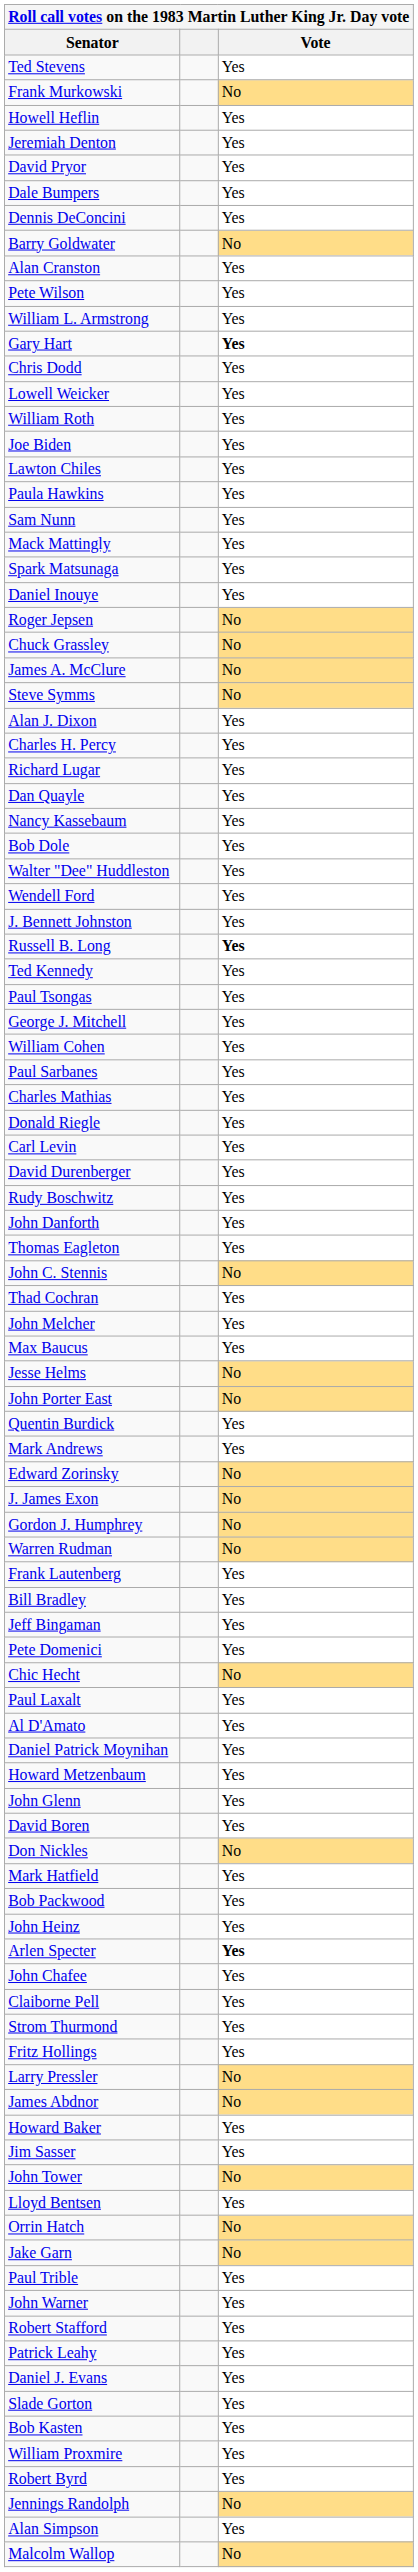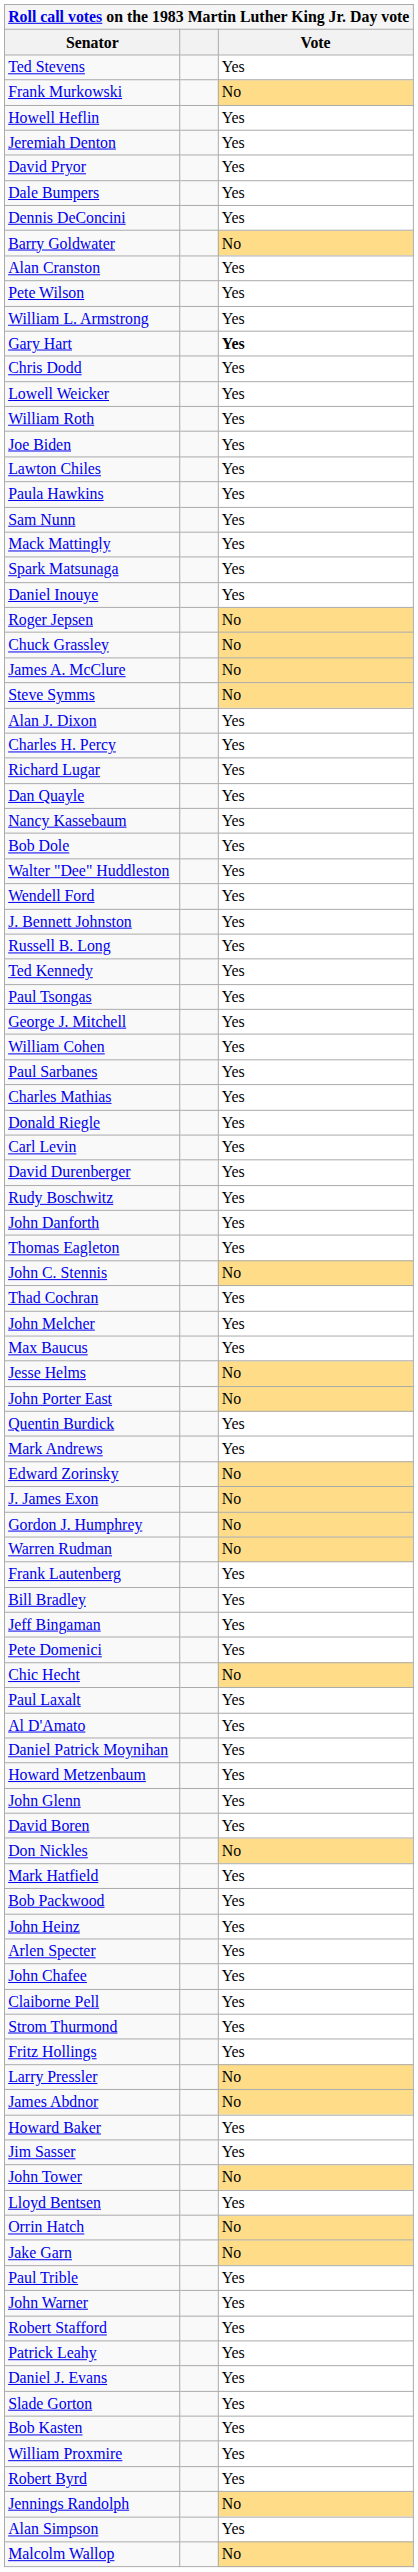 <table class="wikitable sortable">
 <tr>
 <th colspan=4 style="background:#f5f5f5"><a href='#'>Roll call votes</a> on the 1983 Martin Luther King Jr. Day vote</th>
 </tr>
 <tr>
 <th scope="col" style="width: 170px;">Senator</th>
 <th></th>
 <th>Vote</th>
 </tr>
 <tr>
 <td><a href='#'>Ted Stevens</a></td>
 <td></td>
 <td style="background:#fff;">Yes</td>
 </tr>
 <tr>
 <td><a href='#'>Frank Murkowski</a></td>
 <td></td>
 <td style="background:#ffdd88;">No</td>
 </tr>
 <tr>
 <td><a href='#'>Howell Heflin</a></td>
 <td></td>
 <td style="background:#fff;">Yes</td>
 </tr>
 <tr>
 <td><a href='#'>Jeremiah Denton</a></td>
 <td></td>
 <td style="background:#fff;">Yes</td>
 </tr>
 <tr>
 <td><a href='#'>David Pryor</a></td>
 <td></td>
 <td style="background:#fff;">Yes</td>
 </tr>
 <tr>
 <td><a href='#'>Dale Bumpers</a></td>
 <td></td>
 <td style="background:#fff;">Yes</td>
 </tr>
 <tr>
 <td><a href='#'>Dennis DeConcini</a></td>
 <td></td>
 <td style="background:#fff;">Yes</td>
 </tr>
 <tr>
 <td><a href='#'>Barry Goldwater</a></td>
 <td></td>
 <td style="background:#ffdd88;">No</td>
 </tr>
 <tr>
 <td><a href='#'>Alan Cranston</a></td>
 <td></td>
 <td style="background:#fff;">Yes</td>
 </tr>
 <tr>
 <td><a href='#'>Pete Wilson</a></td>
 <td></td>
 <td style="background:#fff;">Yes</td>
 </tr>
 <tr>
 <td><a href='#'>William L. Armstrong</a></td>
 <td></td>
 <td style="background:#fff;">Yes</td>
 </tr>
 <tr>
 <td><a href='#'>Gary Hart</a></td>
 <td></td>
 <td style="background:#fff;"><strong>Yes</strong></td>
 </tr>
 <tr>
 <td><a href='#'>Chris Dodd</a></td>
 <td></td>
 <td style="background:#fff;">Yes</td>
 </tr>
 <tr>
 <td><a href='#'>Lowell Weicker</a></td>
 <td></td>
 <td style="background:#fff;">Yes</td>
 </tr>
 <tr>
 <td><a href='#'>William Roth</a></td>
 <td></td>
 <td style="background:#fff;">Yes</td>
 </tr>
 <tr>
 <td><a href='#'>Joe Biden</a></td>
 <td></td>
 <td style="background:#fff;">Yes</td>
 </tr>
 <tr>
 <td><a href='#'>Lawton Chiles</a></td>
 <td></td>
 <td style="background:#fff;">Yes</td>
 </tr>
 <tr>
 <td><a href='#'>Paula Hawkins</a></td>
 <td></td>
 <td style="background:#fff;">Yes</td>
 </tr>
 <tr>
 <td><a href='#'>Sam Nunn</a></td>
 <td></td>
 <td style="background:#fff;">Yes</td>
 </tr>
 <tr>
 <td><a href='#'>Mack Mattingly</a></td>
 <td></td>
 <td style="background:#fff;">Yes</td>
 </tr>
 <tr>
 <td><a href='#'>Spark Matsunaga</a></td>
 <td></td>
 <td style="background:#fff;">Yes</td>
 </tr>
 <tr>
 <td><a href='#'>Daniel Inouye</a></td>
 <td></td>
 <td style="background:#fff;">Yes</td>
 </tr>
 <tr>
 <td><a href='#'>Roger Jepsen</a></td>
 <td></td>
 <td style="background:#ffdd88;">No</td>
 </tr>
 <tr>
 <td><a href='#'>Chuck Grassley</a></td>
 <td></td>
 <td style="background:#ffdd88;">No</td>
 </tr>
 <tr>
 <td><a href='#'>James A. McClure</a></td>
 <td></td>
 <td style="background:#ffdd88;">No</td>
 </tr>
 <tr>
 <td><a href='#'>Steve Symms</a></td>
 <td></td>
 <td style="background:#ffdd88;">No</td>
 </tr>
 <tr>
 <td><a href='#'>Alan J. Dixon</a></td>
 <td></td>
 <td style="background:#fff;">Yes</td>
 </tr>
 <tr>
 <td><a href='#'>Charles H. Percy</a></td>
 <td></td>
 <td style="background:#fff;">Yes</td>
 </tr>
 <tr>
 <td><a href='#'>Richard Lugar</a></td>
 <td></td>
 <td style="background:#fff;">Yes</td>
 </tr>
 <tr>
 <td><a href='#'>Dan Quayle</a></td>
 <td></td>
 <td style="background:#fff;">Yes</td>
 </tr>
 <tr>
 <td><a href='#'>Nancy Kassebaum</a></td>
 <td></td>
 <td style="background:#fff;">Yes</td>
 </tr>
 <tr>
 <td><a href='#'>Bob Dole</a></td>
 <td></td>
 <td style="background:#fff;">Yes</td>
 </tr>
 <tr>
 <td><a href='#'>Walter "Dee" Huddleston</a></td>
 <td></td>
 <td style="background:#fff;">Yes</td>
 </tr>
 <tr>
 <td><a href='#'>Wendell Ford</a></td>
 <td></td>
 <td style="background:#fff;">Yes</td>
 </tr>
 <tr>
 <td><a href='#'>J. Bennett Johnston</a></td>
 <td></td>
 <td style="background:#fff;">Yes</td>
 </tr>
 <tr>
 <td><a href='#'>Russell B. Long</a></td>
 <td></td>
-<td style="background:#fff;"><strong>Yes</strong></td>
+<td style="background:#fff;">Yes</td>
 </tr>
 <tr>
 <td><a href='#'>Ted Kennedy</a></td>
 <td></td>
 <td style="background:#fff;">Yes</td>
 </tr>
 <tr>
 <td><a href='#'>Paul Tsongas</a></td>
 <td></td>
 <td style="background:#fff;">Yes</td>
 </tr>
 <tr>
 <td><a href='#'>George J. Mitchell</a></td>
 <td></td>
 <td style="background:#fff;">Yes</td>
 </tr>
 <tr>
 <td><a href='#'>William Cohen</a></td>
 <td></td>
 <td style="background:#fff;">Yes</td>
 </tr>
 <tr>
 <td><a href='#'>Paul Sarbanes</a></td>
 <td></td>
 <td style="background:#fff;">Yes</td>
 </tr>
 <tr>
 <td><a href='#'>Charles Mathias</a></td>
 <td></td>
 <td style="background:#fff;">Yes</td>
 </tr>
 <tr>
 <td><a href='#'>Donald Riegle</a></td>
 <td></td>
 <td style="background:#fff;">Yes</td>
 </tr>
 <tr>
 <td><a href='#'>Carl Levin</a></td>
 <td></td>
 <td style="background:#fff;">Yes</td>
 </tr>
 <tr>
 <td><a href='#'>David Durenberger</a></td>
 <td></td>
 <td style="background:#fff;">Yes</td>
 </tr>
 <tr>
 <td><a href='#'>Rudy Boschwitz</a></td>
 <td></td>
 <td style="background:#fff;">Yes</td>
 </tr>
 <tr>
 <td><a href='#'>John Danforth</a></td>
 <td></td>
 <td style="background:#fff;">Yes</td>
 </tr>
 <tr>
 <td><a href='#'>Thomas Eagleton</a></td>
 <td></td>
 <td style="background:#fff;">Yes</td>
 </tr>
 <tr>
 <td><a href='#'>John C. Stennis</a></td>
 <td></td>
 <td style="background:#ffdd88;">No</td>
 </tr>
 <tr>
 <td><a href='#'>Thad Cochran</a></td>
 <td></td>
 <td style="background:#fff;">Yes</td>
 </tr>
 <tr>
 <td><a href='#'>John Melcher</a></td>
 <td></td>
 <td style="background:#fff;">Yes</td>
 </tr>
 <tr>
 <td><a href='#'>Max Baucus</a></td>
 <td></td>
 <td style="background:#fff;">Yes</td>
 </tr>
 <tr>
 <td><a href='#'>Jesse Helms</a></td>
 <td></td>
 <td style="background:#ffdd88;">No</td>
 </tr>
 <tr>
 <td><a href='#'>John Porter East</a></td>
 <td></td>
 <td style="background:#ffdd88;">No</td>
 </tr>
 <tr>
 <td><a href='#'>Quentin Burdick</a></td>
 <td></td>
 <td style="background:#fff;">Yes</td>
 </tr>
 <tr>
 <td><a href='#'>Mark Andrews</a></td>
 <td></td>
 <td style="background:#fff;">Yes</td>
 </tr>
 <tr>
 <td><a href='#'>Edward Zorinsky</a></td>
 <td></td>
 <td style="background:#ffdd88;">No</td>
 </tr>
 <tr>
 <td><a href='#'>J. James Exon</a></td>
 <td></td>
 <td style="background:#ffdd88;">No</td>
 </tr>
 <tr>
 <td><a href='#'>Gordon J. Humphrey</a></td>
 <td></td>
 <td style="background:#ffdd88;">No</td>
 </tr>
 <tr>
 <td><a href='#'>Warren Rudman</a></td>
 <td></td>
 <td style="background:#ffdd88;">No</td>
 </tr>
 <tr>
 <td><a href='#'>Frank Lautenberg</a></td>
 <td></td>
 <td style="background:#fff;">Yes</td>
 </tr>
 <tr>
 <td><a href='#'>Bill Bradley</a></td>
 <td></td>
 <td style="background:#fff;">Yes</td>
 </tr>
 <tr>
 <td><a href='#'>Jeff Bingaman</a></td>
 <td></td>
 <td style="background:#fff;">Yes</td>
 </tr>
 <tr>
 <td><a href='#'>Pete Domenici</a></td>
 <td></td>
 <td style="background:#fff;">Yes</td>
 </tr>
 <tr>
 <td><a href='#'>Chic Hecht</a></td>
 <td></td>
 <td style="background:#ffdd88;">No</td>
 </tr>
 <tr>
 <td><a href='#'>Paul Laxalt</a></td>
 <td></td>
 <td style="background:#fff;">Yes</td>
 </tr>
 <tr>
 <td><a href='#'>Al D'Amato</a></td>
 <td></td>
 <td style="background:#fff;">Yes</td>
 </tr>
 <tr>
 <td><a href='#'>Daniel Patrick Moynihan</a></td>
 <td></td>
 <td style="background:#fff;">Yes</td>
 </tr>
 <tr>
 <td><a href='#'>Howard Metzenbaum</a></td>
 <td></td>
 <td style="background:#fff;">Yes</td>
 </tr>
 <tr>
 <td><a href='#'>John Glenn</a></td>
 <td></td>
 <td style="background:#fff;">Yes</td>
 </tr>
 <tr>
 <td><a href='#'>David Boren</a></td>
 <td></td>
 <td style="background:#fff;">Yes</td>
 </tr>
 <tr>
 <td><a href='#'>Don Nickles</a></td>
 <td></td>
 <td style="background:#ffdd88;">No</td>
 </tr>
 <tr>
 <td><a href='#'>Mark Hatfield</a></td>
 <td></td>
 <td style="background:#fff;">Yes</td>
 </tr>
 <tr>
 <td><a href='#'>Bob Packwood</a></td>
 <td></td>
 <td style="background:#fff;">Yes</td>
 </tr>
 <tr>
 <td><a href='#'>John Heinz</a></td>
 <td></td>
 <td style="background:#fff;">Yes</td>
 </tr>
 <tr>
 <td><a href='#'>Arlen Specter</a></td>
 <td></td>
-<td style="background:#fff;"><strong>Yes</strong></td>
+<td style="background:#fff;">Yes</td>
 </tr>
 <tr>
 <td><a href='#'>John Chafee</a></td>
 <td></td>
 <td style="background:#fff;">Yes</td>
 </tr>
 <tr>
 <td><a href='#'>Claiborne Pell</a></td>
 <td></td>
 <td style="background:#fff;">Yes</td>
 </tr>
 <tr>
 <td><a href='#'>Strom Thurmond</a></td>
 <td></td>
 <td style="background:#fff;">Yes</td>
 </tr>
 <tr>
 <td><a href='#'>Fritz Hollings</a></td>
 <td></td>
 <td style="background:#fff;">Yes</td>
 </tr>
 <tr>
 <td><a href='#'>Larry Pressler</a></td>
 <td></td>
 <td style="background:#ffdd88;">No</td>
 </tr>
 <tr>
 <td><a href='#'>James Abdnor</a></td>
 <td></td>
 <td style="background:#ffdd88;">No</td>
 </tr>
 <tr>
 <td><a href='#'>Howard Baker</a></td>
 <td></td>
 <td style="background:#fff;">Yes</td>
 </tr>
 <tr>
 <td><a href='#'>Jim Sasser</a></td>
 <td></td>
 <td style="background:#fff;">Yes</td>
 </tr>
 <tr>
 <td><a href='#'>John Tower</a></td>
 <td></td>
 <td style="background:#ffdd88;">No</td>
 </tr>
 <tr>
 <td><a href='#'>Lloyd Bentsen</a></td>
 <td></td>
 <td style="background:#fff;">Yes</td>
 </tr>
 <tr>
 <td><a href='#'>Orrin Hatch</a></td>
 <td></td>
 <td style="background:#ffdd88;">No</td>
 </tr>
 <tr>
 <td><a href='#'>Jake Garn</a></td>
 <td></td>
 <td style="background:#ffdd88;">No</td>
 </tr>
 <tr>
 <td><a href='#'>Paul Trible</a></td>
 <td></td>
 <td style="background:#fff;">Yes</td>
 </tr>
 <tr>
 <td><a href='#'>John Warner</a></td>
 <td></td>
 <td style="background:#fff;">Yes</td>
 </tr>
 <tr>
 <td><a href='#'>Robert Stafford</a></td>
 <td></td>
 <td style="background:#fff;">Yes</td>
 </tr>
 <tr>
 <td><a href='#'>Patrick Leahy</a></td>
 <td></td>
 <td style="background:#fff;">Yes</td>
 </tr>
 <tr>
 <td><a href='#'>Daniel J. Evans</a></td>
 <td></td>
 <td style="background:#fff;">Yes</td>
 </tr>
 <tr>
 <td><a href='#'>Slade Gorton</a></td>
 <td></td>
 <td style="background:#fff;">Yes</td>
 </tr>
 <tr>
 <td><a href='#'>Bob Kasten</a></td>
 <td></td>
 <td style="background:#fff;">Yes</td>
 </tr>
 <tr>
 <td><a href='#'>William Proxmire</a></td>
 <td></td>
 <td style="background:#fff;">Yes</td>
 </tr>
 <tr>
 <td><a href='#'>Robert Byrd</a></td>
 <td></td>
 <td style="background:#fff;">Yes</td>
 </tr>
 <tr>
 <td><a href='#'>Jennings Randolph</a></td>
 <td></td>
 <td style="background:#ffdd88;">No</td>
 </tr>
 <tr>
 <td><a href='#'>Alan Simpson</a></td>
 <td></td>
 <td style="background:#fff;">Yes</td>
 </tr>
 <tr>
 <td><a href='#'>Malcolm Wallop</a></td>
 <td></td>
 <td style="background:#ffdd88;">No</td>
 </tr>
 </table>
